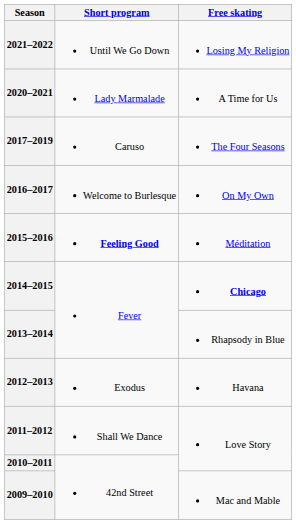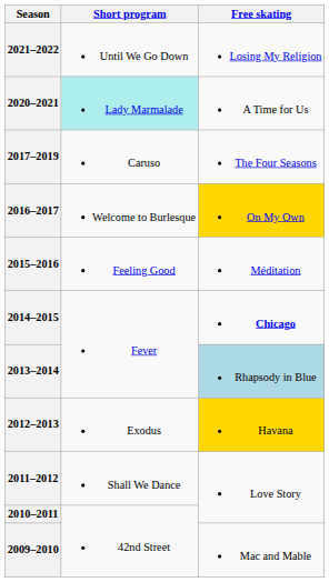 <table class="wikitable" style="text-align:center">
 <tr>
 <th>Season</th>
 <th><a href='#'>Short program</a></th>
 <th><a href='#'>Free skating</a></th>
 </tr>
 <tr>
 <th>2021–2022 <br> </th>
 <td><br><ul><li>Until We Go Down <br></li></ul></td>
 <td><br><ul><li><a href='#'>Losing My Religion</a> <br> </li></ul></td>
 </tr>
 <tr>
 <th>2020–2021 <br> </th>
-<td><br><ul><li><a href='#'>Lady Marmalade</a> <br></li></ul></td>
+<td style="background: paleturquoise;"><br><ul><li><a href='#'>Lady Marmalade</a> <br></li></ul></td>
 <td><br><ul><li>A Time for Us <br> </li></ul></td>
 </tr>
 <tr>
 <th>2017–2019 <br></th>
 <td><br><ul><li>Caruso <br></li></ul></td>
 <td><br><ul><li><a href='#'>The Four Seasons</a> <br></li></ul></td>
 </tr>
 <tr>
 <th>2016–2017 <br> </th>
 <td><br><ul><li>Welcome to Burlesque <br></li></ul></td>
-<td><br><ul><li><a href='#'>On My Own</a> <br></li></ul></td>
+<td style="background: gold;"><br><ul><li><a href='#'>On My Own</a> <br></li></ul></td>
 </tr>
 <tr>
 <th>2015–2016 <br> </th>
-<td><strong><br><ul><li><a href='#'>Feeling Good</a> <br></li></ul></strong></td>
+<td><br><ul><li><a href='#'>Feeling Good</a> <br></li></ul></td>
 <td><br><ul><li><a href='#'>Méditation</a> <br></li></ul></td>
 </tr>
 <tr>
 <th>2014–2015 <br> </th>
 <td rowspan=2><br><ul><li><a href='#'>Fever</a> <br></li></ul></td>
 <td><strong><br><ul><li><a href='#'>Chicago</a> <br></li></ul></strong></td>
 </tr>
 <tr>
 <th>2013–2014 <br> </th>
-<td><br><ul><li>Rhapsody in Blue <br></li></ul></td>
+<td style="background: lightblue;"><br><ul><li>Rhapsody in Blue <br></li></ul></td>
 </tr>
 <tr>
 <th>2012–2013 <br> </th>
 <td><br><ul><li>Exodus <br></li></ul></td>
-<td><br><ul><li>Havana <br></li></ul></td>
+<td style="background: gold;"><br><ul><li>Havana <br></li></ul></td>
 </tr>
 <tr>
 <th>2011–2012 <br> </th>
 <td><br><ul><li>Shall We Dance <br></li></ul></td>
 <td rowspan=2><br><ul><li>Love Story <br></li></ul></td>
 </tr>
 <tr>
 <th>2010–2011 <br> </th>
 <td rowspan=2><br><ul><li>42nd Street <br></li></ul></td>
 </tr>
 <tr>
 <th>2009–2010 <br> </th>
 <td><br><ul><li>Mac and Mable <br></li></ul></td>
 </tr>
 </table>
